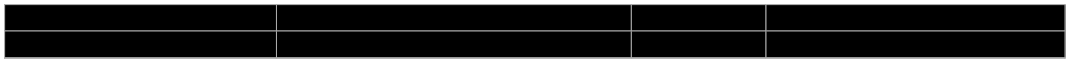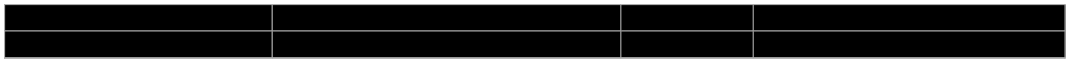 <table class="wikitable" width="80%">
 <tr align="center" bgcolor=" ">
 <td>September 21</td>
 <td>Western Mustangs</td>
 <td>CIS</td>
 <td>6-2, Mercyhurst</td>
 </tr>
 <tr align="center" bgcolor=" ">
 <td>September 22</td>
 <td>Whitby Wolves</td>
 <td>PWHL</td>
-<td>9-1, Mercyhurst</td>
+<td><strong>9-1, Mercyhurst</strong></td>
 </tr>
 <tr align="center" bgcolor=" ">
 </tr>
 </table>
